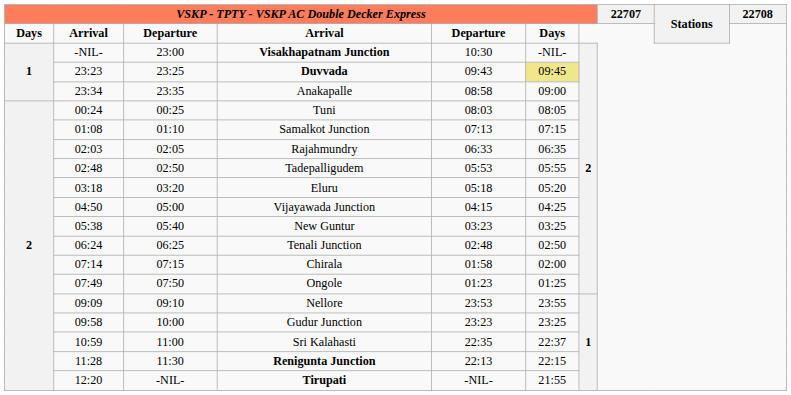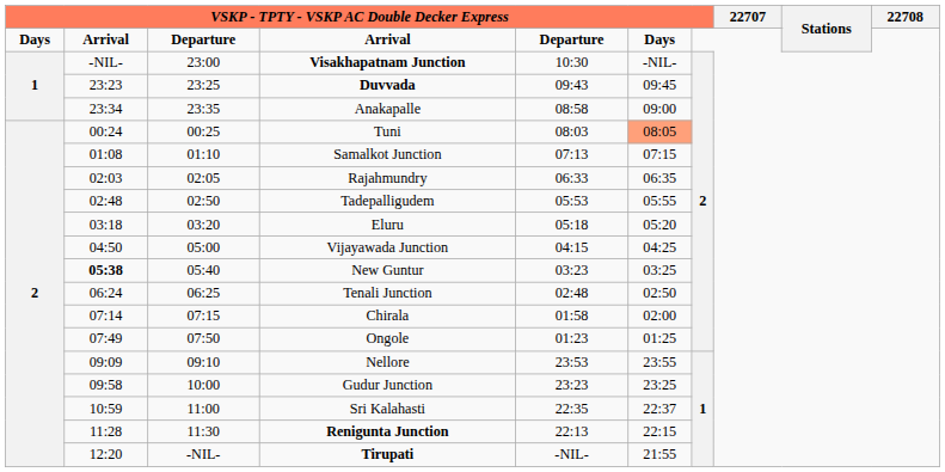 <table class="wikitable" width="65%" style="text-align: center;">
 <tr>
 <th colspan="7" align="center" style="background:#FF7C5C;"><span><em>VSKP - TPTY - VSKP  AC Double Decker Express</em></span></th>
 <th colspan="3">22707</th>
 <th rowspan="2">Stations</th>
 <th colspan="3">22708</th>
 </tr>
 <tr>
 <td><strong>Days</strong></td>
 <td><strong>Arrival</strong></td>
 <td><strong>Departure</strong></td>
 <td><strong>Arrival</strong></td>
 <td><strong>Departure</strong></td>
 <td><strong>Days</strong></td>
 </tr>
 <tr>
 <th rowspan="3">1</th>
 <td>-NIL-</td>
 <td>23:00</td>
 <td><strong>Visakhapatnam Junction</strong></td>
 <td>10:30</td>
 <td>-NIL-</td>
 <th rowspan="13">2</th>
 </tr>
 <tr>
 <td>23:23</td>
 <td>23:25</td>
 <td><strong>Duvvada</strong></td>
 <td>09:43</td>
-<td style="background: khaki;">09:45</td>
+<td>09:45</td>
 </tr>
 <tr>
 <td>23:34</td>
 <td>23:35</td>
 <td>Anakapalle</td>
 <td>08:58</td>
 <td>09:00</td>
 </tr>
 <tr>
 <th rowspan="15">2</th>
 <td>00:24</td>
 <td>00:25</td>
 <td>Tuni</td>
 <td>08:03</td>
-<td>08:05</td>
+<td style="background: lightsalmon;">08:05</td>
 </tr>
 <tr>
 <td>01:08</td>
 <td>01:10</td>
 <td>Samalkot Junction</td>
 <td>07:13</td>
 <td>07:15</td>
 </tr>
 <tr>
 <td>02:03</td>
 <td>02:05</td>
 <td>Rajahmundry</td>
 <td>06:33</td>
 <td>06:35</td>
 </tr>
 <tr>
 <td>02:48</td>
 <td>02:50</td>
 <td>Tadepalligudem</td>
 <td>05:53</td>
 <td>05:55</td>
 </tr>
 <tr>
 <td>03:18</td>
 <td>03:20</td>
 <td>Eluru</td>
 <td>05:18</td>
 <td>05:20</td>
 </tr>
 <tr>
 <td>04:50</td>
 <td>05:00</td>
 <td>Vijayawada Junction</td>
 <td>04:15</td>
 <td>04:25</td>
 </tr>
 <tr>
-<td>05:38</td>
+<td><strong>05:38</strong></td>
 <td>05:40</td>
 <td>New Guntur</td>
 <td>03:23</td>
 <td>03:25</td>
 </tr>
 <tr>
 <td>06:24</td>
 <td>06:25</td>
 <td>Tenali Junction</td>
 <td>02:48</td>
 <td>02:50</td>
 </tr>
 <tr>
 <td>07:14</td>
 <td>07:15</td>
 <td>Chirala</td>
 <td>01:58</td>
 <td>02:00</td>
 </tr>
 <tr>
 <td>07:49</td>
 <td>07:50</td>
 <td>Ongole</td>
 <td>01:23</td>
 <td>01:25</td>
 </tr>
 <tr>
 <td>09:09</td>
 <td>09:10</td>
 <td>Nellore</td>
 <td>23:53</td>
 <td>23:55</td>
 <th rowspan="5">1</th>
 </tr>
 <tr>
 <td>09:58</td>
 <td>10:00</td>
 <td>Gudur Junction</td>
 <td>23:23</td>
 <td>23:25</td>
 </tr>
 <tr>
 <td>10:59</td>
 <td>11:00</td>
 <td>Sri Kalahasti</td>
 <td>22:35</td>
 <td>22:37</td>
 </tr>
 <tr>
 <td>11:28</td>
 <td>11:30</td>
 <td><strong>Renigunta Junction</strong></td>
 <td>22:13</td>
 <td>22:15</td>
 </tr>
 <tr>
 <td>12:20</td>
 <td>-NIL-</td>
 <td><strong>Tirupati</strong></td>
 <td>-NIL-</td>
 <td>21:55</td>
 </tr>
 </table>
